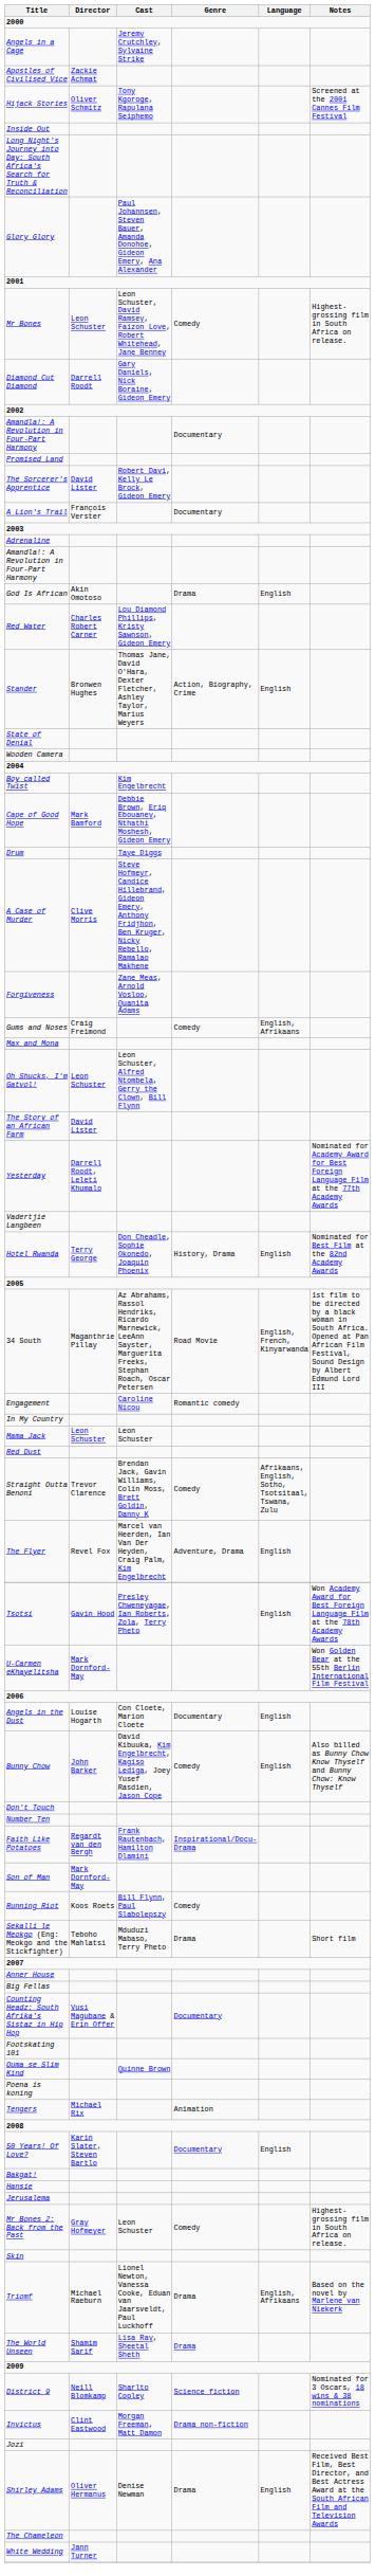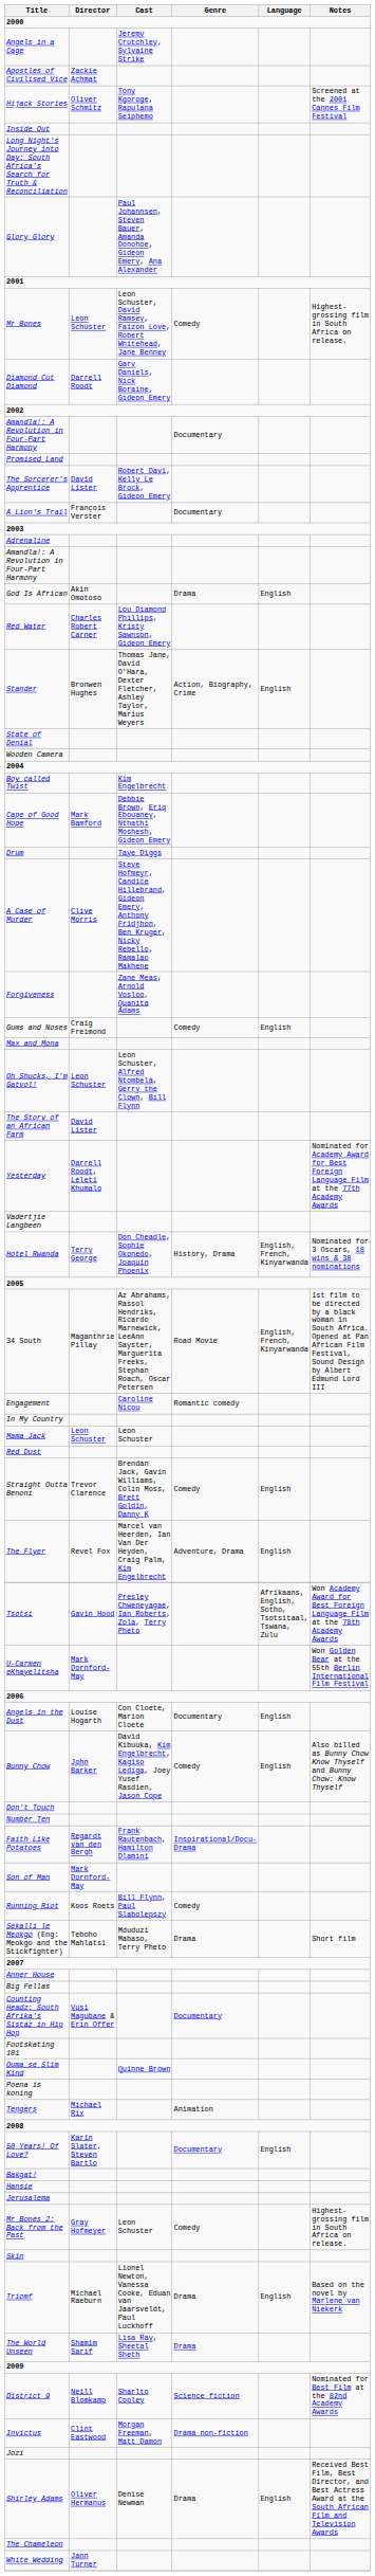 <table class="wikitable" style="width:100%;">
 <tr>
 <th>Title</th>
 <th>Director</th>
 <th>Cast</th>
 <th>Genre</th>
 <th>Language</th>
 <th>Notes</th>
 </tr>
 <tr>
 <td colspan="6" ><strong>2000</strong></td>
 </tr>
 <tr>
 <td><em><a href='#'>Angels in a Cage</a></em></td>
 <td></td>
 <td><a href='#'>Jeremy Crutchley</a>, <a href='#'>Sylvaine Strike</a></td>
 <td></td>
 <td></td>
 <td></td>
 </tr>
 <tr>
 <td><em><a href='#'>Apostles of Civilised Vice</a></em></td>
 <td><a href='#'>Zackie Achmat</a></td>
 <td></td>
 <td></td>
 <td></td>
 <td></td>
 </tr>
 <tr>
 <td><em><a href='#'>Hijack Stories</a></em></td>
 <td><a href='#'>Oliver Schmitz</a></td>
 <td><a href='#'>Tony Kgoroge</a>, <a href='#'>Rapulana Seiphemo</a></td>
 <td></td>
 <td></td>
 <td>Screened at the <a href='#'>2001 Cannes Film Festival</a></td>
 </tr>
 <tr>
 <td><em><a href='#'>Inside Out</a></em></td>
 <td></td>
 <td></td>
 <td></td>
 <td></td>
 <td></td>
 </tr>
 <tr>
 <td><em><a href='#'>Long Night's Journey into Day: South Africa's Search for Truth & Reconciliation</a></em></td>
 <td></td>
 <td></td>
 <td></td>
 <td></td>
 <td></td>
 </tr>
 <tr>
 <td><em><a href='#'>Glory Glory</a></em></td>
 <td></td>
 <td><a href='#'>Paul Johannsen</a>, <a href='#'>Steven Bauer</a>, <a href='#'>Amanda Donohoe</a>, <a href='#'>Gideon Emery</a>, <a href='#'>Ana Alexander</a></td>
 <td></td>
 <td></td>
 <td></td>
 </tr>
 <tr>
 <td colspan="6" ><strong>2001</strong></td>
 </tr>
 <tr>
 <td><em><a href='#'>Mr Bones</a></em></td>
 <td><a href='#'>Leon Schuster</a></td>
 <td>Leon Schuster, <a href='#'>David Ramsey</a>, <a href='#'>Faizon Love</a>, <a href='#'>Robert Whitehead</a>, <a href='#'>Jane Benney</a></td>
 <td>Comedy</td>
 <td></td>
 <td>Highest-grossing film in South Africa on release.</td>
 </tr>
 <tr>
 <td><em><a href='#'>Diamond Cut Diamond</a></em></td>
 <td><a href='#'>Darrell Roodt</a></td>
 <td><a href='#'>Gary Daniels</a>, <a href='#'>Nick Boraine</a>, <a href='#'>Gideon Emery</a></td>
 <td></td>
 <td></td>
 <td></td>
 </tr>
 <tr>
 <td colspan="6" ><strong>2002</strong></td>
 </tr>
 <tr>
 <td><em><a href='#'>Amandla!: A Revolution in Four-Part Harmony</a></em></td>
 <td></td>
 <td></td>
 <td>Documentary</td>
 <td></td>
 <td></td>
 </tr>
 <tr>
 <td><em><a href='#'>Promised Land</a></em></td>
 <td></td>
 <td></td>
 <td></td>
 <td></td>
 <td></td>
 </tr>
 <tr>
 <td><em><a href='#'>The Sorcerer's Apprentice</a></em></td>
 <td><a href='#'>David Lister</a></td>
 <td><a href='#'>Robert Davi</a>, <a href='#'>Kelly Le Brock</a>, <a href='#'>Gideon Emery</a></td>
 <td></td>
 <td></td>
 <td></td>
 </tr>
 <tr>
 <td><em><a href='#'>A Lion's Trail</a></em></td>
 <td>François Verster</td>
 <td></td>
 <td>Documentary</td>
 <td></td>
 <td></td>
 </tr>
 <tr>
 <td colspan="6" ><strong>2003</strong></td>
 </tr>
 <tr>
 <td><em><a href='#'>Adrenaline</a></em></td>
 <td></td>
 <td></td>
 <td></td>
 <td></td>
 <td></td>
 </tr>
 <tr>
 <td><em>Amandla!: A Revolution in Four-Part Harmony</em></td>
 <td></td>
 <td></td>
 <td></td>
 <td></td>
 <td></td>
 </tr>
 <tr>
 <td><em>God Is African</em></td>
 <td>Akin Omotoso</td>
 <td></td>
 <td>Drama</td>
 <td>English</td>
 <td></td>
 </tr>
 <tr>
 <td><em><a href='#'>Red Water</a></em></td>
 <td><a href='#'>Charles Robert Carner</a></td>
 <td><a href='#'>Lou Diamond Phillips</a>, <a href='#'>Kristy Sawnson</a>, <a href='#'>Gideon Emery</a></td>
 <td></td>
 <td></td>
 <td></td>
 </tr>
 <tr>
 <td><em><a href='#'>Stander</a></em></td>
 <td>Bronwen Hughes</td>
 <td>Thomas Jane, David O'Hara, Dexter Fletcher, Ashley Taylor, Marius Weyers</td>
 <td>Action, Biography, Crime</td>
 <td>English</td>
 <td></td>
 </tr>
 <tr>
 <td><em><a href='#'>State of Denial</a></em></td>
 <td></td>
 <td></td>
 <td></td>
 <td></td>
 <td></td>
 </tr>
 <tr>
 <td><em>Wooden Camera</em></td>
 <td></td>
 <td></td>
 <td></td>
 <td></td>
 <td></td>
 </tr>
 <tr>
 <td colspan="6" ><strong>2004</strong></td>
 </tr>
 <tr>
 <td><em><a href='#'>Boy called Twist</a></em></td>
 <td></td>
 <td><a href='#'>Kim Engelbrecht</a></td>
 <td></td>
 <td></td>
 <td></td>
 </tr>
 <tr>
 <td><em><a href='#'>Cape of Good Hope</a></em></td>
 <td><a href='#'>Mark Bamford</a></td>
 <td><a href='#'>Debbie Brown</a>, <a href='#'>Eriq Ebouaney</a>, <a href='#'>Nthathi Moshesh</a>, <a href='#'>Gideon Emery</a></td>
 <td></td>
 <td></td>
 <td></td>
 </tr>
 <tr>
 <td><em><a href='#'>Drum</a></em></td>
 <td></td>
 <td><a href='#'>Taye Diggs</a></td>
 <td></td>
 <td></td>
 <td></td>
 </tr>
 <tr>
 <td><em><a href='#'>A Case of Murder</a></em></td>
 <td><a href='#'>Clive Morris</a></td>
 <td><a href='#'>Steve Hofmeyr</a>, <a href='#'>Candice Hillebrand</a>, <a href='#'>Gideon Emery</a>, <a href='#'>Anthony Fridjhon</a>, <a href='#'>Ben Kruger</a>, <a href='#'>Nicky Rebello</a>, <a href='#'>Ramalao Makhene</a></td>
 <td></td>
 <td></td>
 <td></td>
 </tr>
 <tr>
 <td><em><a href='#'>Forgiveness</a></em></td>
 <td></td>
 <td><a href='#'>Zane Meas</a>, <a href='#'>Arnold Vosloo</a>, <a href='#'>Quanita Adams</a></td>
 <td></td>
 <td></td>
 <td></td>
 </tr>
 <tr>
 <td><em>Gums and Noses</em></td>
 <td>Craig Freimond</td>
 <td></td>
 <td>Comedy</td>
-<td>English, Afrikaans</td>
+<td>English</td>
 <td></td>
 </tr>
 <tr>
 <td><em><a href='#'>Max and Mona</a></em></td>
 <td></td>
 <td></td>
 <td></td>
 <td></td>
 <td></td>
 </tr>
 <tr>
 <td><em><a href='#'>Oh Shucks, I'm Gatvol!</a></em></td>
 <td><a href='#'>Leon Schuster</a></td>
 <td>Leon Schuster, <a href='#'>Alfred Ntombela</a>, <a href='#'>Gerry the Clown</a>, <a href='#'>Bill Flynn</a></td>
 <td></td>
 <td></td>
 <td></td>
 </tr>
 <tr>
 <td><em><a href='#'>The Story of an African Farm</a></em></td>
 <td><a href='#'>David Lister</a></td>
 <td></td>
 <td></td>
 <td></td>
 <td></td>
 </tr>
 <tr>
 <td><em><a href='#'>Yesterday</a></em></td>
 <td><a href='#'>Darrell Roodt</a>, <a href='#'>Leleti Khumalo</a></td>
 <td></td>
 <td></td>
 <td></td>
 <td>Nominated for <a href='#'>Academy Award for Best Foreign Language Film</a> at the <a href='#'>77th Academy Awards</a></td>
 </tr>
 <tr>
 <td><em>Vadertjie Langbeen</em></td>
 <td></td>
 <td></td>
 <td></td>
 <td></td>
 <td></td>
 </tr>
 <tr>
 <td><em><a href='#'>Hotel Rwanda</a></em></td>
 <td><a href='#'>Terry George</a></td>
 <td><a href='#'>Don Cheadle</a>, <a href='#'>Sophie Okonedo</a>, <a href='#'>Joaquin Phoenix</a></td>
 <td>History, Drama</td>
-<td>English</td>
-<td>Nominated for <a href='#'>Best Film</a> at the <a href='#'>82nd Academy Awards</a></td>
+<td>English, French, Kinyarwanda</td>
+<td>Nominated for 3 Oscars, <a href='#'>18 wins & 38 nominations</a></td>
 </tr>
 <tr>
 <td colspan="6" ><strong>2005</strong></td>
 </tr>
 <tr>
 <td>34 South</td>
 <td>Maganthrie Pillay</td>
 <td>Az Abrahams, Rassol Hendriks, Ricardo Marnewick, LeeAnn Sayster, Marguerita Freeks, Stephan Roach, Oscar Petersen</td>
 <td>Road Movie</td>
 <td>English, French, Kinyarwanda</td>
 <td>1st film to be directed by a black woman in South Africa. Opened at Pan African Film Festival, Sound Design by Albert Edmund Lord III</td>
 </tr>
 <tr>
 <td><em>Engagement</em></td>
 <td></td>
 <td><a href='#'>Caroline Nicou</a></td>
 <td>Romantic comedy</td>
 <td></td>
 <td></td>
 </tr>
 <tr>
 <td><em>In My Country</em></td>
 <td></td>
 <td></td>
 <td></td>
 <td></td>
 <td></td>
 </tr>
 <tr>
 <td><em><a href='#'>Mama Jack</a></em></td>
 <td><a href='#'>Leon Schuster</a></td>
 <td>Leon Schuster</td>
 <td></td>
 <td></td>
 <td></td>
 </tr>
 <tr>
 <td><em><a href='#'>Red Dust</a></em></td>
 <td></td>
 <td></td>
 <td></td>
 <td></td>
 <td></td>
 </tr>
 <tr>
 <td><em>Straight Outta Benoni</em></td>
 <td>Trevor Clarence</td>
 <td>Brendan Jack, Gavin Williams, Colin Moss, <a href='#'>Brett Goldin</a>, <a href='#'>Danny K</a></td>
 <td>Comedy</td>
-<td>Afrikaans, English, Sotho, Tsotsitaal, Tswana, Zulu</td>
+<td>English</td>
 <td></td>
 </tr>
 <tr>
 <td><em><a href='#'>The Flyer</a></em></td>
 <td>Revel Fox</td>
 <td>Marcel van Heerden, Ian Van Der Heyden, Craig Palm, <a href='#'>Kim Engelbrecht</a></td>
 <td>Adventure, Drama</td>
 <td>English</td>
 <td></td>
 </tr>
 <tr>
 </tr>
 <tr>
 <td><em><a href='#'>Tsotsi</a></em></td>
 <td><a href='#'>Gavin Hood</a></td>
 <td><a href='#'>Presley Chweneyagae</a>, <a href='#'>Ian Roberts</a>, <a href='#'>Zola</a>, <a href='#'>Terry Pheto</a></td>
 <td></td>
-<td>English</td>
+<td>Afrikaans, English, Sotho, Tsotsitaal, Tswana, Zulu</td>
 <td>Won <a href='#'>Academy Award for Best Foreign Language Film</a> at the <a href='#'>78th Academy Awards</a></td>
 </tr>
 <tr>
 <td><em><a href='#'>U-Carmen eKhayelitsha</a></em></td>
 <td><a href='#'>Mark Dornford-May</a></td>
 <td></td>
 <td></td>
 <td></td>
 <td>Won <a href='#'>Golden Bear</a> at the 55th <a href='#'>Berlin International Film Festival</a></td>
 </tr>
 <tr>
 <td colspan="7" ><strong>2006</strong></td>
 </tr>
 <tr>
 <td><em><a href='#'>Angels in the Dust</a></em></td>
 <td>Louise Hogarth</td>
 <td>Con Cloete, Marion Cloete</td>
 <td>Documentary</td>
 <td>English</td>
 <td></td>
 </tr>
 <tr>
 <td><em><a href='#'>Bunny Chow</a></em></td>
 <td><a href='#'>John Barker</a></td>
 <td>David Kibuuka, <a href='#'>Kim Engelbrecht</a>, <a href='#'>Kagiso Lediga</a>, Joey Yusef Rasdien, <a href='#'>Jason Cope</a></td>
 <td>Comedy</td>
 <td>English</td>
 <td>Also billed as <em>Bunny Chow Know Thyself</em> and <em>Bunny Chow: Know Thyself</em></td>
 </tr>
 <tr>
 <td><em><a href='#'>Don't Touch</a></em></td>
 <td></td>
 <td></td>
 <td></td>
 <td></td>
 <td></td>
 </tr>
 <tr>
 <td><em><a href='#'>Number Ten</a></em></td>
 <td></td>
 <td></td>
 <td></td>
 <td></td>
 <td></td>
 </tr>
 <tr>
 <td><em><a href='#'>Faith Like Potatoes</a></em></td>
 <td><a href='#'>Regardt van den Bergh</a></td>
 <td><a href='#'>Frank Rautenbach</a>, <a href='#'>Hamilton Dlamini</a></td>
 <td><a href='#'>Inspirational/Docu-Drama</a></td>
 <td></td>
 <td></td>
 </tr>
 <tr>
 <td><em><a href='#'>Son of Man</a></em></td>
 <td><a href='#'>Mark Dornford-May</a></td>
 <td></td>
 <td></td>
 <td></td>
 <td></td>
 </tr>
 <tr>
 <td><em><a href='#'>Running Riot</a></em></td>
 <td>Koos Roets</td>
 <td><a href='#'>Bill Flynn</a>, <a href='#'>Paul Slabolepszy</a></td>
 <td>Comedy</td>
 <td></td>
 <td></td>
 </tr>
 <tr>
 <td><em><a href='#'>Sekalli le Meokgo</a></em> (Eng: Meokgo and the Stickfighter)</td>
 <td>Teboho Mahlatsi</td>
 <td>Mduduzi Mabaso, Terry Pheto</td>
 <td>Drama</td>
 <td></td>
 <td>Short film</td>
 </tr>
 <tr>
 <td colspan="6" ><strong>2007</strong></td>
 </tr>
 <tr>
 <td><em><a href='#'>Anner House</a></em></td>
 <td></td>
 <td></td>
 <td></td>
 <td></td>
 <td></td>
 </tr>
 <tr>
 <td><em>Big Fellas</em></td>
 <td></td>
 <td></td>
 <td></td>
 <td></td>
 <td></td>
 </tr>
 <tr>
 <td><em><a href='#'>Counting Headz: South Afrika's Sistaz in Hip Hop</a></em></td>
 <td><a href='#'>Vusi Magubane</a> & <a href='#'>Erin Offer</a></td>
 <td></td>
 <td><a href='#'>Documentary</a></td>
 <td></td>
 <td></td>
 </tr>
 <tr>
 <td><em>Footskating 101</em></td>
 <td></td>
 <td></td>
 <td></td>
 <td></td>
 <td></td>
 </tr>
 <tr>
 <td><em><a href='#'>Ouma se Slim Kind</a></em></td>
 <td></td>
 <td><a href='#'>Quinne Brown</a></td>
 <td></td>
 <td></td>
 <td></td>
 </tr>
 <tr>
 <td><em>Poena is koning</em></td>
 <td></td>
 <td></td>
 <td></td>
 <td></td>
 <td></td>
 </tr>
 <tr>
 <td><em><a href='#'>Tengers</a></em></td>
 <td><a href='#'>Michael Rix</a></td>
 <td></td>
 <td>Animation</td>
 <td></td>
 <td></td>
 </tr>
 <tr>
 <td colspan="6" ><strong>2008</strong></td>
 </tr>
 <tr>
 <td><em><a href='#'>50 Years! Of Love?</a></em></td>
 <td><a href='#'>Karin Slater</a>, <a href='#'>Steven Bartlo</a></td>
 <td></td>
 <td><a href='#'>Documentary</a></td>
 <td>English</td>
 <td></td>
 </tr>
 <tr>
 <td><em><a href='#'>Bakgat!</a></em></td>
 <td></td>
 <td></td>
 <td></td>
 <td></td>
 <td></td>
 </tr>
 <tr>
 <td><em><a href='#'>Hansie</a></em></td>
 <td></td>
 <td></td>
 <td></td>
 <td></td>
 <td></td>
 </tr>
 <tr>
 <td><em><a href='#'>Jerusalema</a></em></td>
 <td></td>
 <td></td>
 <td></td>
 <td></td>
 <td></td>
 </tr>
 <tr>
 <td><em><a href='#'>Mr Bones 2: Back from the Past</a></em></td>
 <td><a href='#'>Gray Hofmeyer</a></td>
 <td>Leon Schuster</td>
 <td>Comedy</td>
 <td></td>
 <td>Highest-grossing film in South Africa on release.</td>
 </tr>
 <tr>
 <td><em><a href='#'>Skin</a></em></td>
 <td></td>
 <td></td>
 <td></td>
 <td></td>
 <td></td>
 </tr>
 <tr>
 <td><em><a href='#'>Triomf</a></em></td>
 <td>Michael Raeburn</td>
 <td>Lionel Newton, Vanessa Cooke, Eduan van Jaarsveldt, Paul Luckhoff</td>
 <td>Drama</td>
-<td>English, Afrikaans</td>
+<td>English</td>
 <td>Based on the novel by <a href='#'>Marlene van Niekerk</a></td>
 </tr>
 <tr>
 <td><em><a href='#'>The World Unseen</a></em></td>
 <td><a href='#'>Shamim Sarif</a></td>
 <td><a href='#'>Lisa Ray</a>, <a href='#'>Sheetal Sheth</a></td>
 <td><a href='#'>Drama</a></td>
 <td></td>
 <td></td>
 </tr>
 <tr>
 <td colspan="6" ><strong>2009</strong></td>
 </tr>
 <tr>
 <td><em><a href='#'>District 9</a></em></td>
 <td><a href='#'>Neill Blomkamp</a></td>
 <td><a href='#'>Sharlto Copley</a></td>
 <td><a href='#'>Science fiction</a></td>
 <td></td>
-<td>Nominated for 3 Oscars, <a href='#'>18 wins & 38 nominations</a></td>
+<td>Nominated for <a href='#'>Best Film</a> at the <a href='#'>82nd Academy Awards</a></td>
 </tr>
 <tr>
 <td><em><a href='#'>Invictus</a></em></td>
 <td><a href='#'>Clint Eastwood</a></td>
 <td><a href='#'>Morgan Freeman</a>, <a href='#'>Matt Damon</a></td>
 <td><a href='#'>Drama non-fiction</a></td>
 <td></td>
 <td></td>
 </tr>
 <tr>
 <td><em>Jozi</em></td>
 <td></td>
 <td></td>
 <td></td>
 <td></td>
 <td></td>
 </tr>
 <tr>
 <td><em><a href='#'>Shirley Adams</a></em></td>
 <td><a href='#'>Oliver Hermanus</a></td>
 <td>Denise Newman</td>
 <td>Drama</td>
 <td>English</td>
 <td>Received Best Film, Best Director, and Best Actress Award at the <a href='#'>South African Film and Television Awards</a></td>
 </tr>
 <tr>
 <td><em><a href='#'>The Chameleon</a></em></td>
 <td></td>
 <td></td>
 <td></td>
 <td></td>
 <td></td>
 </tr>
 <tr>
 <td><em><a href='#'>White Wedding</a></em></td>
 <td><a href='#'>Jann Turner</a></td>
 <td></td>
 <td></td>
 <td></td>
 <td></td>
 </tr>
 <tr>
 </tr>
 </table>
